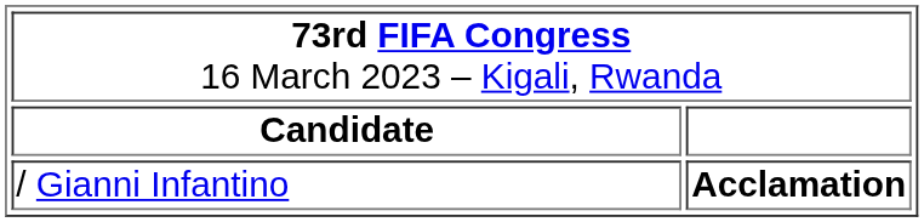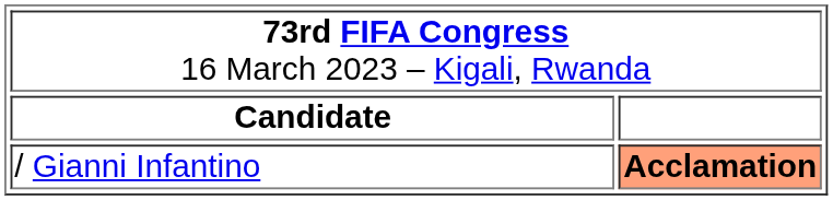 <table border=1 >
 <tr>
 <td colspan=2 align=center><strong>73rd <a href='#'>FIFA Congress</a></strong><br>16 March 2023 – <a href='#'>Kigali</a>, <a href='#'>Rwanda</a></td>
 </tr>
 <tr>
 <th width=75%>Candidate</th>
 <th align=center></th>
 </tr>
 <tr>
 <td>/ <a href='#'>Gianni Infantino</a></td>
-<td align="center"><strong>Acclamation</strong></td>
+<td align="center" style="background: lightsalmon;"><strong>Acclamation</strong></td>
 </tr>
 </table>
